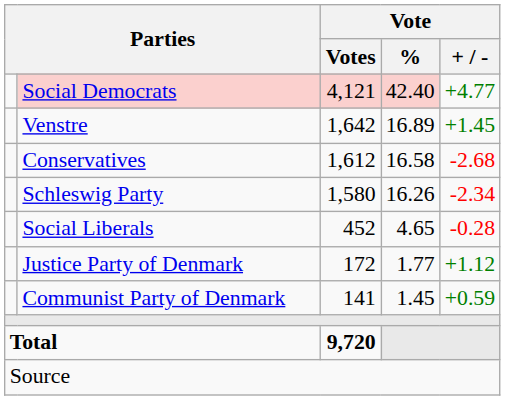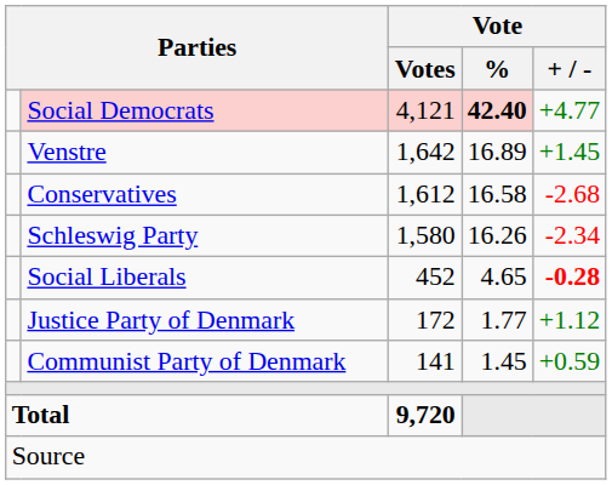 <table class="wikitable" style="text-align:right;">
 <tr>
 <th style="text-align:centre;" rowspan="2" colspan="2" width="225">Parties</th>
 <th colspan="3">Vote</th>
 </tr>
 <tr>
 <th width="15">Votes</th>
 <th width="15">%</th>
 <th width="15">+ / -</th>
 </tr>
 <tr>
 <td width="2" style="color:inherit;background:"></td>
 <td bgcolor=#fbd0ce  align="left"><a href='#'>Social Democrats</a></td>
 <td bgcolor=#fbd0ce>4,121</td>
-<td bgcolor=#fbd0ce>42.40</td>
+<td bgcolor=#fbd0ce><strong>42.40</strong></td>
 <td style=color:green;>+4.77</td>
 </tr>
 <tr>
 <td width="2" style="color:inherit;background:"></td>
 <td align="left"><a href='#'>Venstre</a></td>
 <td>1,642</td>
 <td>16.89</td>
 <td style=color:green;>+1.45</td>
 </tr>
 <tr>
 <td width="2" style="color:inherit;background:"></td>
 <td align="left"><a href='#'>Conservatives</a></td>
 <td>1,612</td>
 <td>16.58</td>
 <td style=color:red;>-2.68</td>
 </tr>
 <tr>
 <td width="2" style="color:inherit;background:"></td>
 <td align="left"><a href='#'>Schleswig Party</a></td>
 <td>1,580</td>
 <td>16.26</td>
 <td style=color:red;>-2.34</td>
 </tr>
 <tr>
 <td width="2" style="color:inherit;background:"></td>
 <td align="left"><a href='#'>Social Liberals</a></td>
 <td>452</td>
 <td>4.65</td>
-<td style=color:red;>-0.28</td>
+<td style=color:red;><strong>-0.28</strong></td>
 </tr>
 <tr>
 <td width="2" style="color:inherit;background:"></td>
 <td align="left"><a href='#'>Justice Party of Denmark</a></td>
 <td>172</td>
 <td>1.77</td>
 <td style=color:green;>+1.12</td>
 </tr>
 <tr>
 <td width="2" style="color:inherit;background:"></td>
 <td align="left"><a href='#'>Communist Party of Denmark</a></td>
 <td>141</td>
 <td>1.45</td>
 <td style=color:green;>+0.59</td>
 </tr>
 <tr>
 <td colspan="7" bgcolor="#E9E9E9"></td>
 </tr>
 <tr>
 <td align="left" colspan="2"><strong>Total</strong></td>
 <td><strong>9,720</strong></td>
 <td bgcolor="#E9E9E9" colspan="2"></td>
 </tr>
 <tr>
 <td align="left" colspan="6">Source</td>
 </tr>
 </table>
